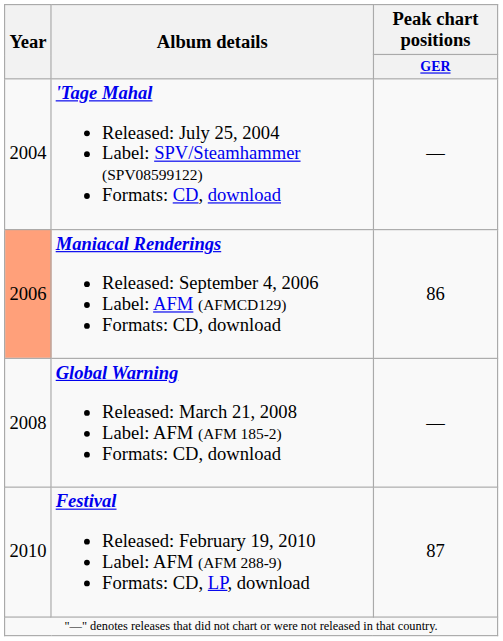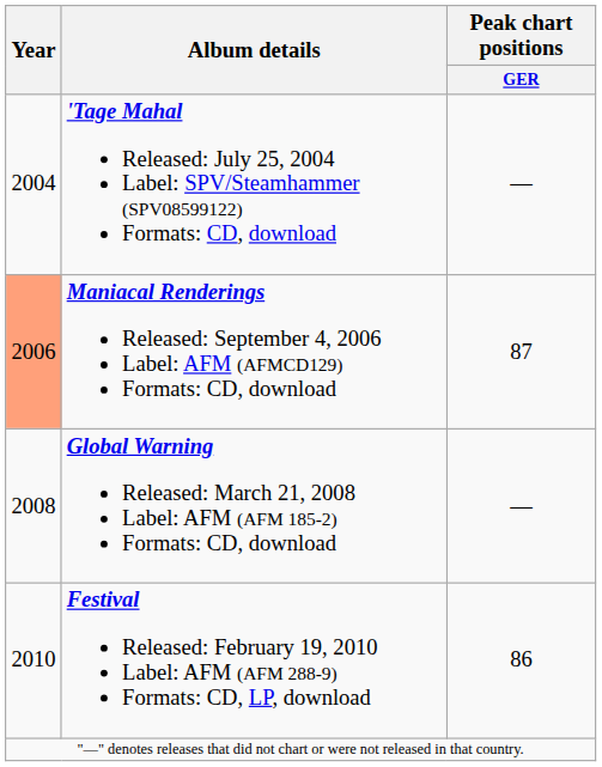 <table class="wikitable" border="1">
 <tr>
 <th rowspan=2 width=33>Year</th>
 <th rowspan=2 width=270>Album details</th>
 <th colspan=1 width=100>Peak chart positions</th>
 </tr>
 <tr>
 <th style="width:4.5em;font-size:75%;"><a href='#'>GER</a><br></th>
 </tr>
 <tr>
 <td align=center>2004</td>
 <td><strong><em><a href='#'>'Tage Mahal</a></em></strong><br><ul><li>Released: July 25, 2004</li><li>Label: <a href='#'>SPV/Steamhammer</a> <small>(SPV08599122)</small></li><li>Formats: <a href='#'>CD</a>, <a href='#'>download</a></li></ul></td>
 <td align=center>—</td>
 </tr>
 <tr>
 <td align=center style="background: lightsalmon;">2006</td>
 <td><strong><em><a href='#'>Maniacal Renderings</a></em></strong><br><ul><li>Released: September 4, 2006</li><li>Label: <a href='#'>AFM</a> <small>(AFMCD129)</small></li><li>Formats: CD, download</li></ul></td>
-<td align=center>86</td>
+<td align=center>87</td>
 </tr>
 <tr>
 <td align=center>2008</td>
 <td><strong><em><a href='#'>Global Warning</a></em></strong><br><ul><li>Released: March 21, 2008</li><li>Label: AFM <small>(AFM 185-2)</small></li><li>Formats: CD, download</li></ul></td>
 <td align=center>—</td>
 </tr>
 <tr>
 <td align=center>2010</td>
 <td><strong><em><a href='#'>Festival</a></em></strong><br><ul><li>Released: February 19, 2010</li><li>Label: AFM <small>(AFM 288-9)</small></li><li>Formats: CD, <a href='#'>LP</a>, download</li></ul></td>
-<td align=center>87</td>
+<td align=center>86</td>
 </tr>
 <tr>
 <td align="center" colspan="4" style="font-size: 8pt">"—" denotes releases that did not chart or were not released in that country.</td>
 </tr>
 </table>
